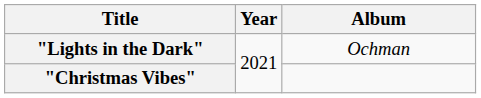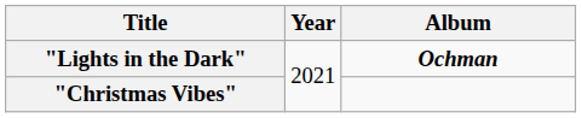 <table class="wikitable plainrowheaders" style="text-align:center;">
 <tr>
 <th scope="col" style="width:12em;">Title</th>
 <th scope="col" style="width:2em;">Year</th>
 <th scope="col" style="width:10em;">Album</th>
 </tr>
 <tr>
 <th scope="row">"Lights in the Dark"</th>
 <td rowspan="2">2021</td>
-<td><em>Ochman</em></td>
+<td><strong><em>Ochman</em></strong></td>
 </tr>
 <tr>
 <th scope="row">"Christmas Vibes"</th>
 <td></td>
 </tr>
 </table>
